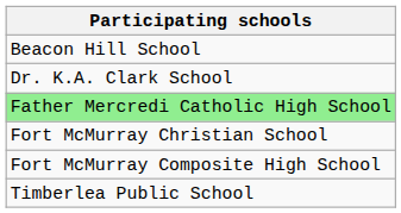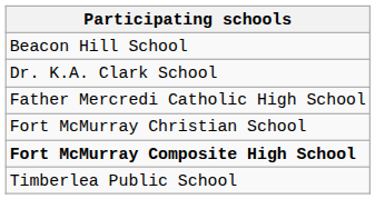 <table class="wikitable" align=right>
 <tr>
 <th>Participating schools</th>
 </tr>
 <tr>
 <td>Beacon Hill School</td>
 </tr>
 <tr>
 <td>Dr. K.A. Clark School</td>
 </tr>
 <tr>
-<td style="background: lightgreen;">Father Mercredi Catholic High School</td>
+<td>Father Mercredi Catholic High School</td>
 </tr>
 <tr>
 <td>Fort McMurray Christian School</td>
 </tr>
 <tr>
-<td>Fort McMurray Composite High School</td>
+<td><strong>Fort McMurray Composite High School</strong></td>
 </tr>
 <tr>
 <td>Timberlea Public School</td>
 </tr>
 </table>
